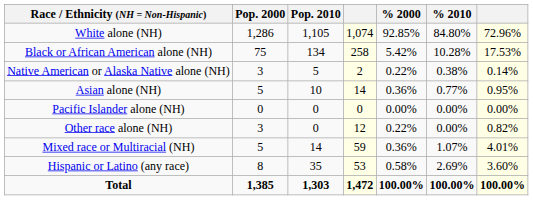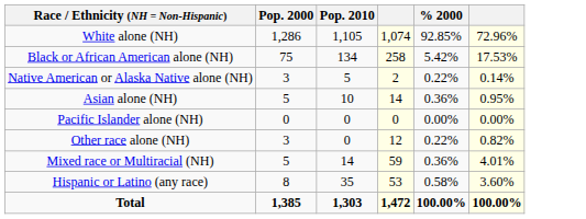 <table class="wikitable" style="text-align:center;">
 <tr>
 <th>Race / Ethnicity <small>(<em>NH = Non-Hispanic</em>)</small></th>
 <th>Pop. 2000</th>
 <th>Pop. 2010</th>
 <th></th>
 <th>% 2000</th>
-<th>% 2010</th>
 <th></th>
 </tr>
 <tr>
 <td><a href='#'>White</a> alone (NH)</td>
 <td>1,286</td>
 <td>1,105</td>
 <td style='background: #ffffe6;'>1,074</td>
 <td>92.85%</td>
-<td>84.80%</td>
 <td style='background: #ffffe6;'>72.96%</td>
 </tr>
 <tr>
 <td><a href='#'>Black or African American</a> alone (NH)</td>
 <td>75</td>
 <td>134</td>
 <td style='background: #ffffe6;'>258</td>
 <td>5.42%</td>
-<td>10.28%</td>
 <td style='background: #ffffe6;'>17.53%</td>
 </tr>
 <tr>
 <td><a href='#'>Native American</a> or <a href='#'>Alaska Native</a> alone (NH)</td>
 <td>3</td>
 <td>5</td>
 <td style='background: #ffffe6;'>2</td>
 <td>0.22%</td>
-<td>0.38%</td>
 <td style='background: #ffffe6;'>0.14%</td>
 </tr>
 <tr>
 <td><a href='#'>Asian</a> alone (NH)</td>
 <td>5</td>
 <td>10</td>
 <td style='background: #ffffe6;'>14</td>
 <td>0.36%</td>
-<td>0.77%</td>
 <td style='background: #ffffe6;'>0.95%</td>
 </tr>
 <tr>
 <td><a href='#'>Pacific Islander</a> alone (NH)</td>
 <td>0</td>
 <td>0</td>
 <td style='background: #ffffe6;'>0</td>
-<td>0.00%</td>
 <td>0.00%</td>
 <td style='background: #ffffe6;'>0.00%</td>
 </tr>
 <tr>
 <td><a href='#'>Other race</a> alone (NH)</td>
 <td>3</td>
 <td>0</td>
 <td style='background: #ffffe6;'>12</td>
 <td>0.22%</td>
-<td>0.00%</td>
 <td style='background: #ffffe6;'>0.82%</td>
 </tr>
 <tr>
 <td><a href='#'>Mixed race or Multiracial</a> (NH)</td>
 <td>5</td>
 <td>14</td>
 <td style='background: #ffffe6;'>59</td>
 <td>0.36%</td>
-<td>1.07%</td>
 <td style='background: #ffffe6;'>4.01%</td>
 </tr>
 <tr>
 <td><a href='#'>Hispanic or Latino</a> (any race)</td>
 <td>8</td>
 <td>35</td>
 <td style='background: #ffffe6;'>53</td>
 <td>0.58%</td>
-<td>2.69%</td>
 <td style='background: #ffffe6;'>3.60%</td>
 </tr>
 <tr>
 <td><strong>Total</strong></td>
 <td><strong>1,385</strong></td>
 <td><strong>1,303</strong></td>
 <td style='background: #ffffe6;'><strong>1,472</strong></td>
 <td><strong>100.00%</strong></td>
-<td><strong>100.00%</strong></td>
 <td style='background: #ffffe6;'><strong>100.00%</strong></td>
 </tr>
 </table>
